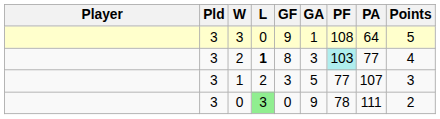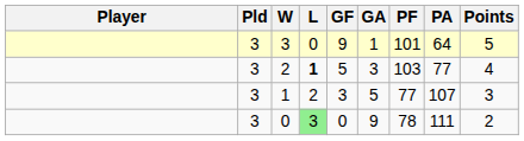 <table class=wikitable style="text-align:center;">
 <tr>
 <th width=220>Player</th>
 <th width=20>Pld</th>
 <th width=20>W</th>
 <th width=20>L</th>
 <th width=20>GF</th>
 <th width=20>GA</th>
 <th width=20>PF</th>
 <th width=20>PA</th>
 <th width=50>Points</th>
 </tr>
 <tr bgcolor=#ffffcc>
 <td style="text-align:left;"></td>
 <td>3</td>
 <td>3</td>
 <td>0</td>
 <td>9</td>
 <td>1</td>
-<td>108</td>
+<td>101</td>
 <td>64</td>
 <td>5</td>
 </tr>
 <tr>
 <td style="text-align:left;"></td>
 <td>3</td>
 <td>2</td>
 <td><strong>1</strong></td>
-<td>8</td>
+<td>5</td>
 <td>3</td>
-<td style="background: paleturquoise;">103</td>
+<td>103</td>
 <td>77</td>
 <td>4</td>
 </tr>
 <tr>
 <td style="text-align:left;"></td>
 <td>3</td>
 <td>1</td>
 <td>2</td>
 <td>3</td>
 <td>5</td>
 <td>77</td>
 <td>107</td>
 <td>3</td>
 </tr>
 <tr>
 <td style="text-align:left;"></td>
 <td>3</td>
 <td>0</td>
 <td style="background: lightgreen;">3</td>
 <td>0</td>
 <td>9</td>
 <td>78</td>
 <td>111</td>
 <td>2</td>
 </tr>
 </table>
